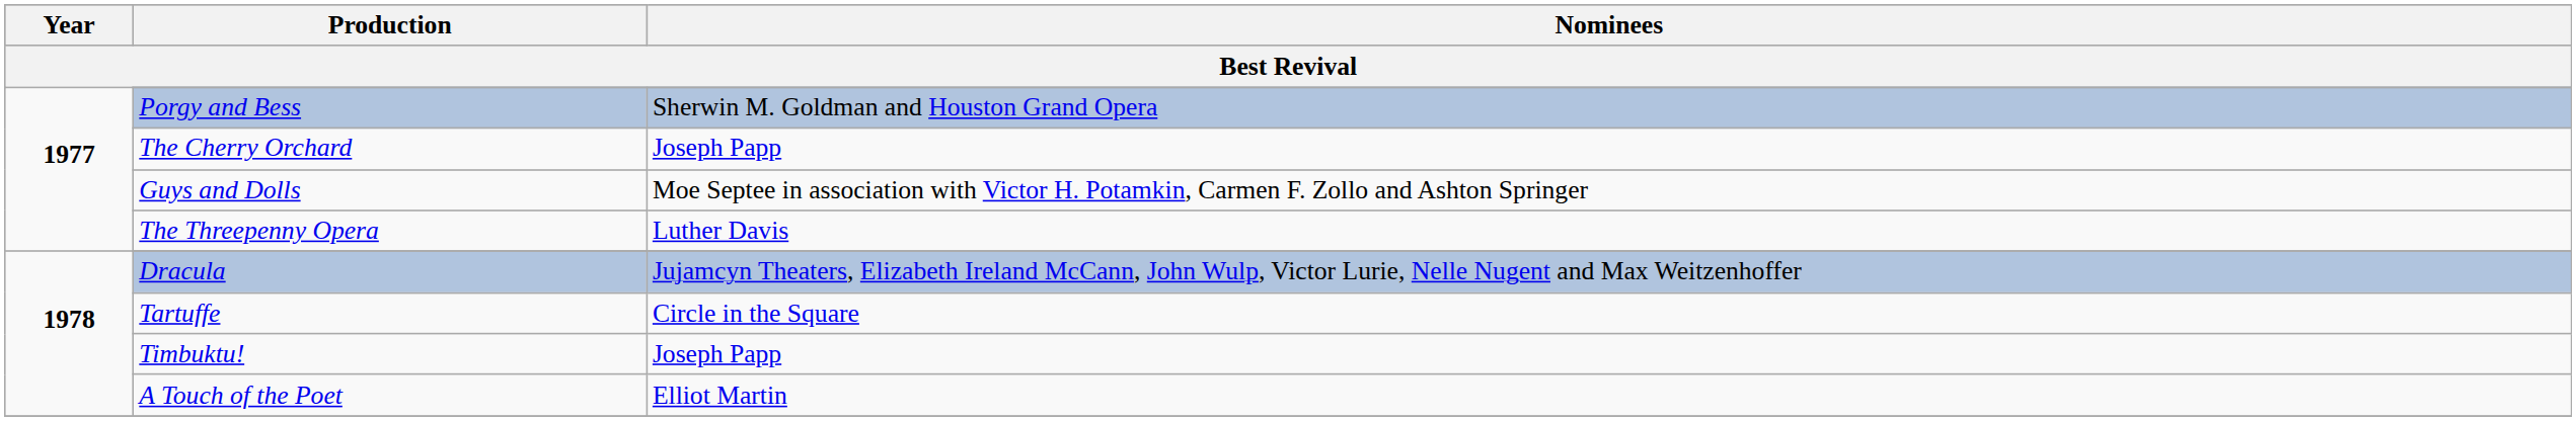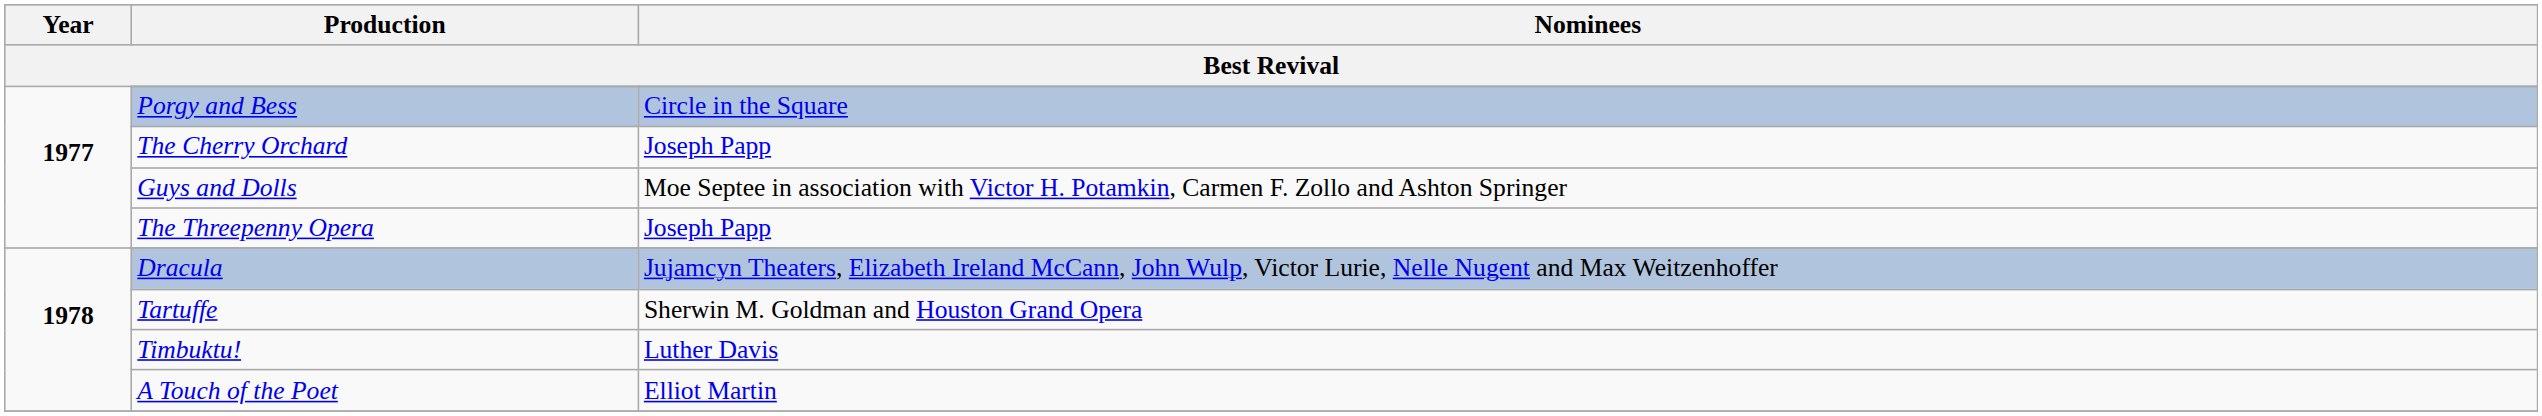 <table class="wikitable" style="width:100%;">
 <tr style="background:#bebebe;">
 <th style="width:5%;">Year</th>
 <th style="width:20%;">Production</th>
 <th style="width:75%;">Nominees</th>
 </tr>
 <tr>
 <th colspan="5">Best Revival</th>
 </tr>
 <tr>
 <td rowspan="5" align="center"><strong>1977</strong><br><br></td>
 </tr>
 <tr style="background:#B0C4DE">
 <td><em><a href='#'>Porgy and Bess</a></em></td>
-<td>Sherwin M. Goldman and <a href='#'>Houston Grand Opera</a></td>
+<td><a href='#'>Circle in the Square</a></td>
 </tr>
 <tr>
 <td><em><a href='#'>The Cherry Orchard</a></em></td>
 <td><a href='#'>Joseph Papp</a></td>
 </tr>
 <tr>
 <td><em><a href='#'>Guys and Dolls</a></em></td>
 <td>Moe Septee in association with <a href='#'>Victor H. Potamkin</a>, Carmen F. Zollo and Ashton Springer</td>
 </tr>
 <tr>
 <td><em><a href='#'>The Threepenny Opera</a></em></td>
-<td><a href='#'>Luther Davis</a></td>
+<td><a href='#'>Joseph Papp</a></td>
 </tr>
 <tr>
 <td rowspan="5" align="center"><strong>1978</strong><br><br></td>
 </tr>
 <tr style="background:#B0C4DE">
 <td><em><a href='#'>Dracula</a></em></td>
 <td><a href='#'>Jujamcyn Theaters</a>, <a href='#'>Elizabeth Ireland McCann</a>, <a href='#'>John Wulp</a>, Victor Lurie, <a href='#'>Nelle Nugent</a> and Max Weitzenhoffer</td>
 </tr>
 <tr>
 <td><em><a href='#'>Tartuffe</a></em></td>
-<td><a href='#'>Circle in the Square</a></td>
+<td>Sherwin M. Goldman and <a href='#'>Houston Grand Opera</a></td>
 </tr>
 <tr>
 <td><em><a href='#'>Timbuktu!</a></em></td>
-<td><a href='#'>Joseph Papp</a></td>
+<td><a href='#'>Luther Davis</a></td>
 </tr>
 <tr>
 <td><em><a href='#'>A Touch of the Poet</a></em></td>
 <td><a href='#'>Elliot Martin</a></td>
 </tr>
 <tr>
 </tr>
 </table>
